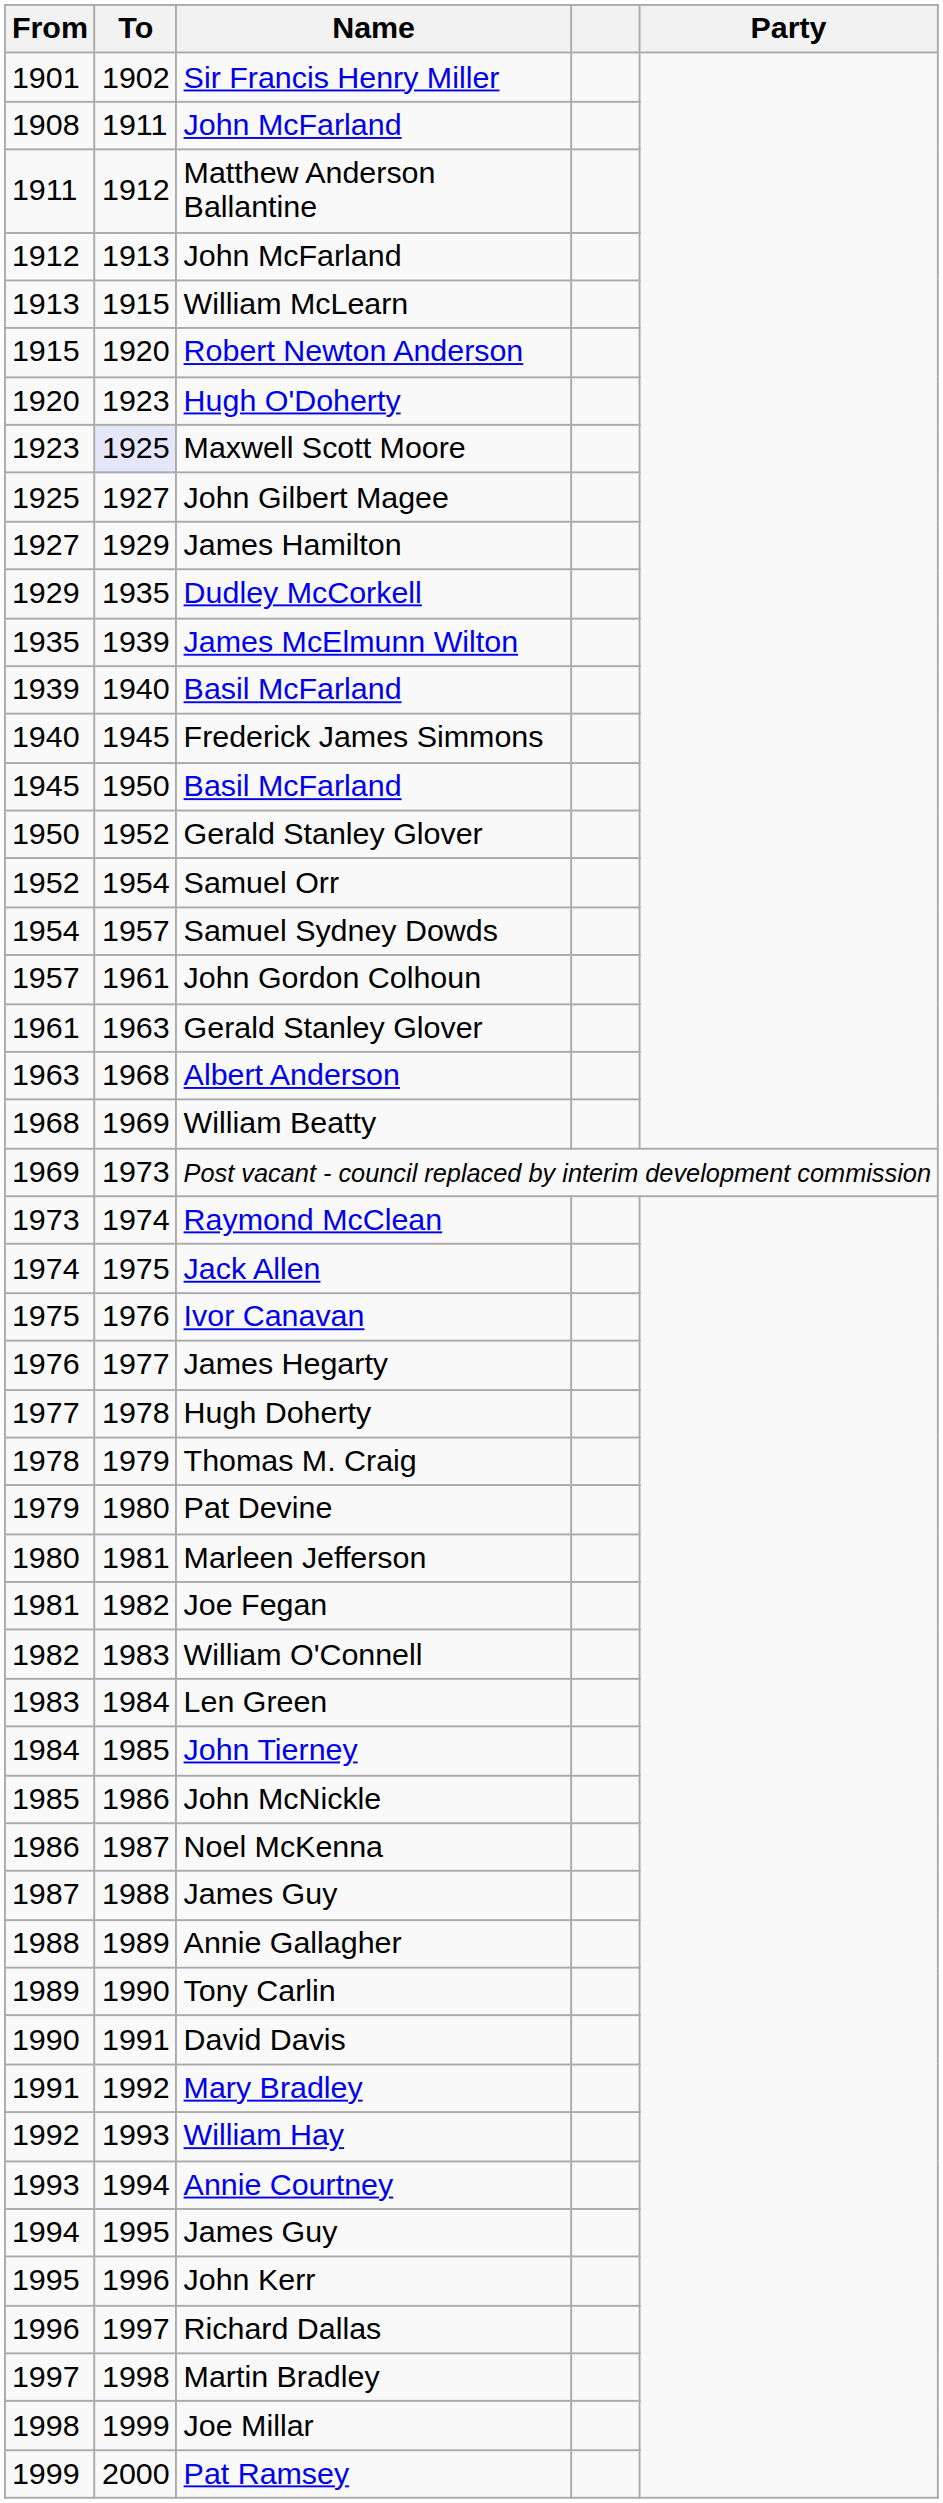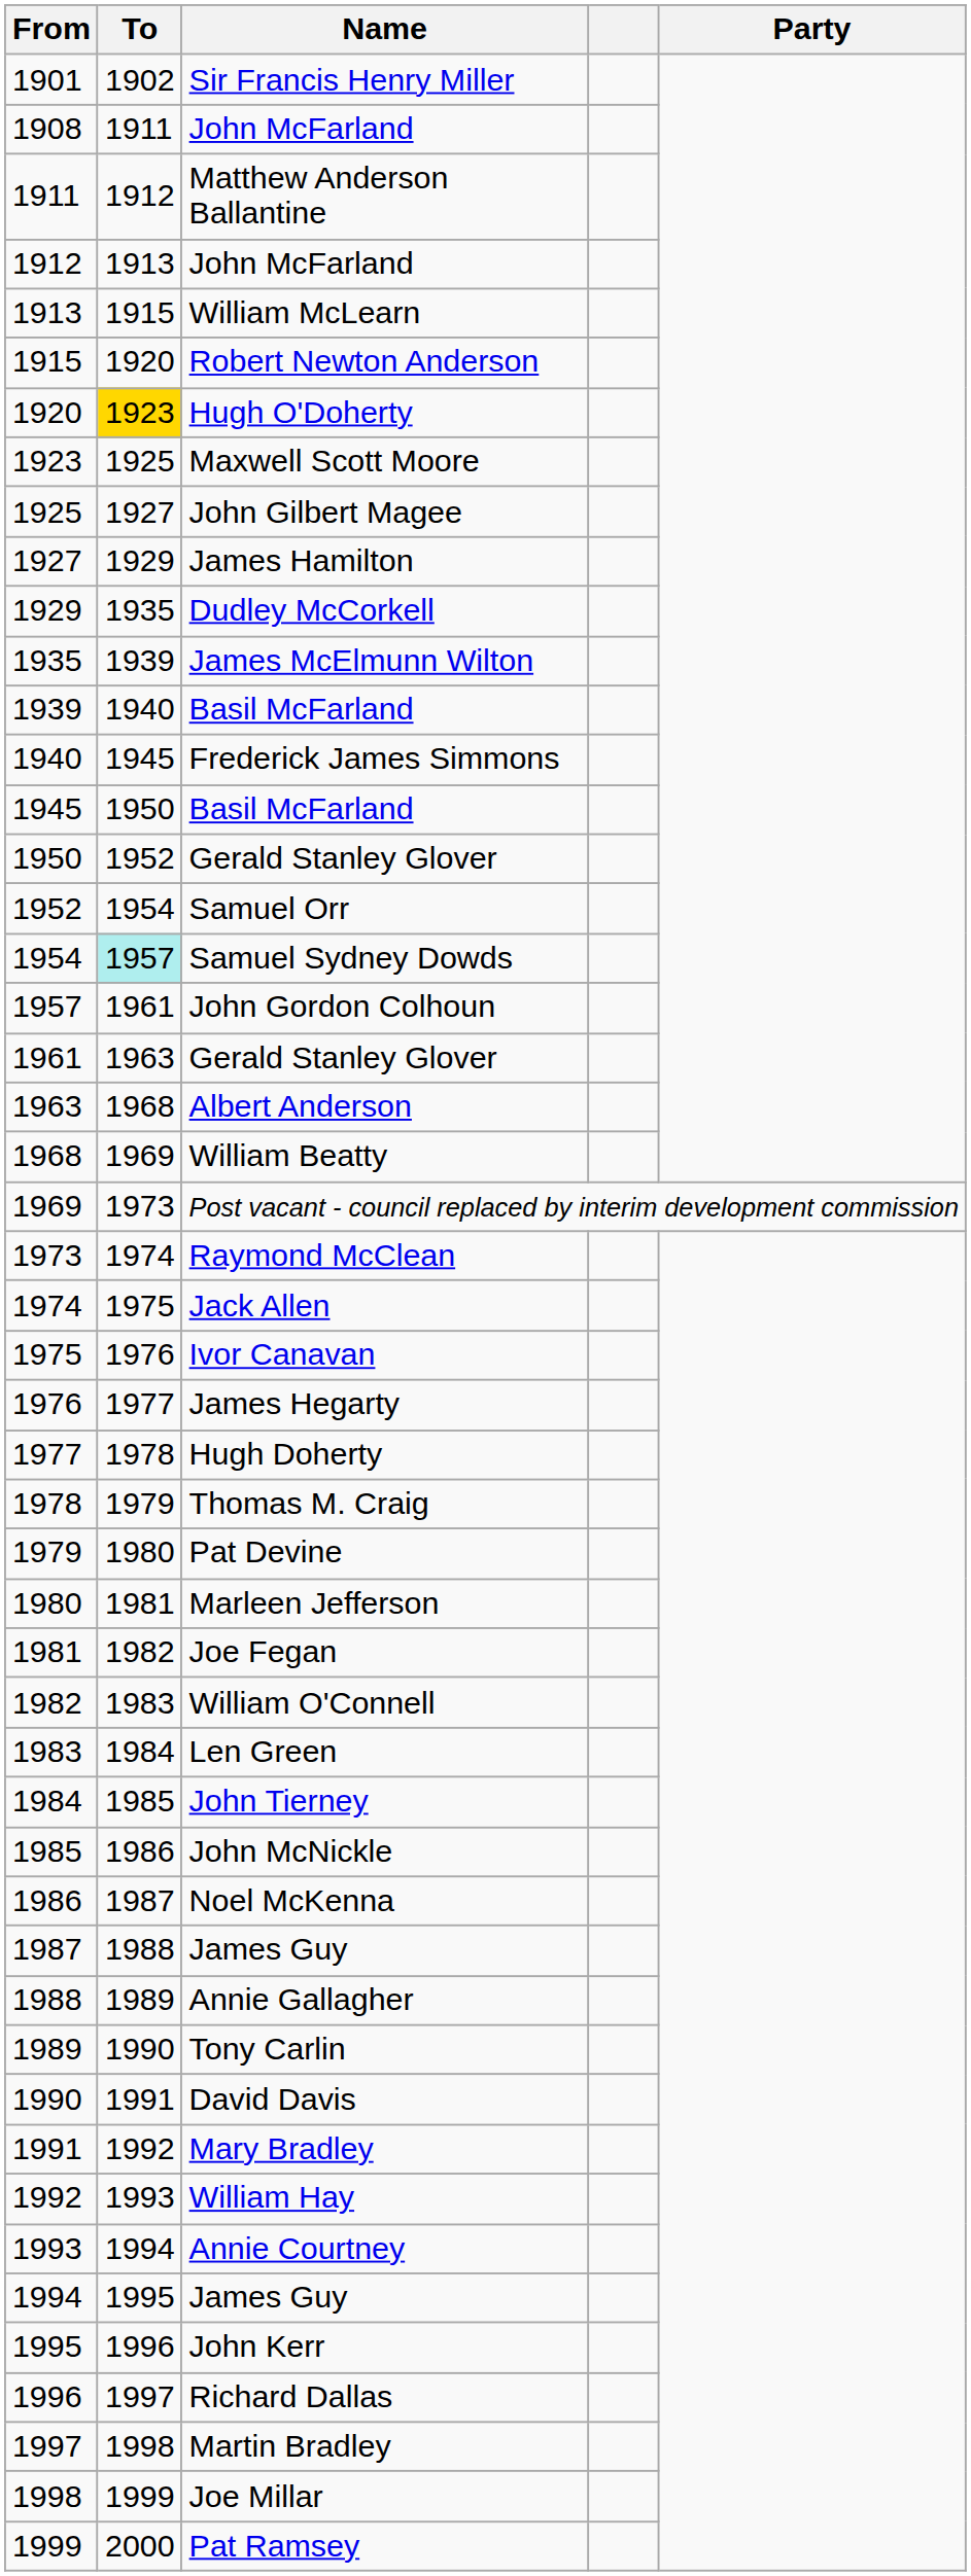 <table class="wikitable sortable">
 <tr>
 <th>From</th>
 <th>To</th>
 <th scope="col" width="200">Name</th>
 <th class="unsortable"></th>
 <th scope="col" width="150">Party</th>
 </tr>
 <tr>
 <td>1901</td>
 <td>1902</td>
 <td><a href='#'>Sir Francis Henry Miller</a></td>
 <td></td>
 </tr>
 <tr>
 <td>1908</td>
 <td>1911</td>
 <td><a href='#'>John McFarland</a></td>
 <td></td>
 </tr>
 <tr>
 <td>1911</td>
 <td>1912</td>
 <td>Matthew Anderson Ballantine</td>
 <td></td>
 </tr>
 <tr>
 <td>1912</td>
 <td>1913</td>
 <td>John McFarland</td>
 <td></td>
 </tr>
 <tr>
 <td>1913</td>
 <td>1915</td>
 <td>William McLearn</td>
 <td></td>
 </tr>
 <tr>
 <td>1915</td>
 <td>1920</td>
 <td><a href='#'>Robert Newton Anderson</a></td>
 <td></td>
 </tr>
 <tr>
 <td>1920</td>
-<td>1923</td>
+<td style="background: gold;">1923</td>
 <td><a href='#'>Hugh O'Doherty</a></td>
 <td></td>
 </tr>
 <tr>
 <td>1923</td>
-<td style="background: lavender;">1925</td>
+<td>1925</td>
 <td>Maxwell Scott Moore</td>
 <td></td>
 </tr>
 <tr>
 <td>1925</td>
 <td>1927</td>
 <td>John Gilbert Magee</td>
 <td></td>
 </tr>
 <tr>
 <td>1927</td>
 <td>1929</td>
 <td>James Hamilton</td>
 <td></td>
 </tr>
 <tr>
 <td>1929</td>
 <td>1935</td>
 <td><a href='#'>Dudley McCorkell</a></td>
 <td></td>
 </tr>
 <tr>
 <td>1935</td>
 <td>1939</td>
 <td><a href='#'>James McElmunn Wilton</a></td>
 <td></td>
 </tr>
 <tr>
 <td>1939</td>
 <td>1940</td>
 <td><a href='#'>Basil McFarland</a></td>
 <td></td>
 </tr>
 <tr>
 <td>1940</td>
 <td>1945</td>
 <td>Frederick James Simmons</td>
 <td></td>
 </tr>
 <tr>
 <td>1945</td>
 <td>1950</td>
 <td><a href='#'>Basil McFarland</a></td>
 <td></td>
 </tr>
 <tr>
 <td>1950</td>
 <td>1952</td>
 <td>Gerald Stanley Glover</td>
 <td></td>
 </tr>
 <tr>
 <td>1952</td>
 <td>1954</td>
 <td>Samuel Orr</td>
 <td></td>
 </tr>
 <tr>
 <td>1954</td>
-<td>1957</td>
+<td style="background: paleturquoise;">1957</td>
 <td>Samuel Sydney Dowds</td>
 <td></td>
 </tr>
 <tr>
 <td>1957</td>
 <td>1961</td>
 <td>John Gordon Colhoun</td>
 <td></td>
 </tr>
 <tr>
 <td>1961</td>
 <td>1963</td>
 <td>Gerald Stanley Glover</td>
 <td></td>
 </tr>
 <tr>
 <td>1963</td>
 <td>1968</td>
 <td><a href='#'>Albert Anderson</a></td>
 <td></td>
 </tr>
 <tr>
 <td>1968</td>
 <td>1969</td>
 <td>William Beatty</td>
 <td></td>
 </tr>
 <tr>
 <td>1969</td>
 <td>1973</td>
 <td colspan=3><small><em>Post vacant - council replaced by interim development commission</em></small></td>
 </tr>
 <tr>
 <td>1973</td>
 <td>1974</td>
 <td><a href='#'>Raymond McClean</a></td>
 <td></td>
 </tr>
 <tr>
 <td>1974</td>
 <td>1975</td>
 <td><a href='#'>Jack Allen</a></td>
 <td></td>
 </tr>
 <tr>
 <td>1975</td>
 <td>1976</td>
 <td><a href='#'>Ivor Canavan</a></td>
 <td></td>
 </tr>
 <tr>
 <td>1976</td>
 <td>1977</td>
 <td>James Hegarty</td>
 <td></td>
 </tr>
 <tr>
 <td>1977</td>
 <td>1978</td>
 <td>Hugh Doherty</td>
 <td></td>
 </tr>
 <tr>
 <td>1978</td>
 <td>1979</td>
 <td>Thomas M. Craig</td>
 <td></td>
 </tr>
 <tr>
 <td>1979</td>
 <td>1980</td>
 <td>Pat Devine</td>
 <td></td>
 </tr>
 <tr>
 <td>1980</td>
 <td>1981</td>
 <td>Marleen Jefferson</td>
 <td></td>
 </tr>
 <tr>
 <td>1981</td>
 <td>1982</td>
 <td>Joe Fegan</td>
 <td></td>
 </tr>
 <tr>
 <td>1982</td>
 <td>1983</td>
 <td>William O'Connell</td>
 <td></td>
 </tr>
 <tr>
 <td>1983</td>
 <td>1984</td>
 <td>Len Green</td>
 <td></td>
 </tr>
 <tr>
 <td>1984</td>
 <td>1985</td>
 <td><a href='#'>John Tierney</a></td>
 <td></td>
 </tr>
 <tr>
 <td>1985</td>
 <td>1986</td>
 <td>John McNickle</td>
 <td></td>
 </tr>
 <tr>
 <td>1986</td>
 <td>1987</td>
 <td>Noel McKenna</td>
 <td></td>
 </tr>
 <tr>
 <td>1987</td>
 <td>1988</td>
 <td>James Guy</td>
 <td></td>
 </tr>
 <tr>
 <td>1988</td>
 <td>1989</td>
 <td>Annie Gallagher</td>
 <td></td>
 </tr>
 <tr>
 <td>1989</td>
 <td>1990</td>
 <td>Tony Carlin</td>
 <td></td>
 </tr>
 <tr>
 <td>1990</td>
 <td>1991</td>
 <td>David Davis</td>
 <td></td>
 </tr>
 <tr>
 <td>1991</td>
 <td>1992</td>
 <td><a href='#'>Mary Bradley</a></td>
 <td></td>
 </tr>
 <tr>
 <td>1992</td>
 <td>1993</td>
 <td><a href='#'>William Hay</a></td>
 <td></td>
 </tr>
 <tr>
 <td>1993</td>
 <td>1994</td>
 <td><a href='#'>Annie Courtney</a></td>
 <td></td>
 </tr>
 <tr>
 <td>1994</td>
 <td>1995</td>
 <td>James Guy</td>
 <td></td>
 </tr>
 <tr>
 <td>1995</td>
 <td>1996</td>
 <td>John Kerr</td>
 <td></td>
 </tr>
 <tr>
 <td>1996</td>
 <td>1997</td>
 <td>Richard Dallas</td>
 <td></td>
 </tr>
 <tr>
 <td>1997</td>
 <td>1998</td>
 <td>Martin Bradley</td>
 <td></td>
 </tr>
 <tr>
 <td>1998</td>
 <td>1999</td>
 <td>Joe Millar</td>
 <td></td>
 </tr>
 <tr>
 <td>1999</td>
 <td>2000</td>
 <td><a href='#'>Pat Ramsey</a></td>
 <td></td>
 </tr>
 </table>
